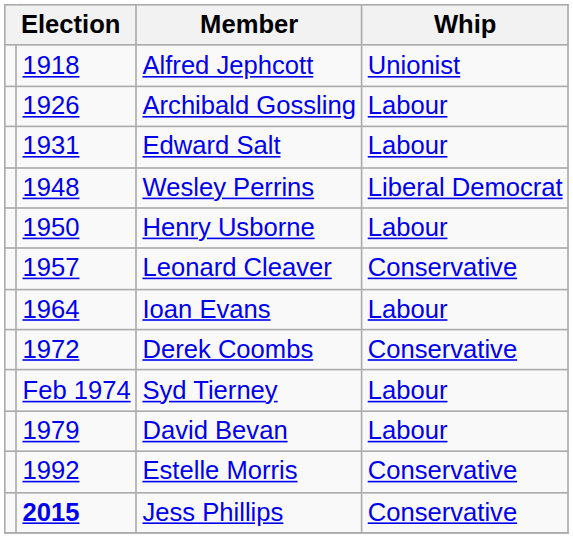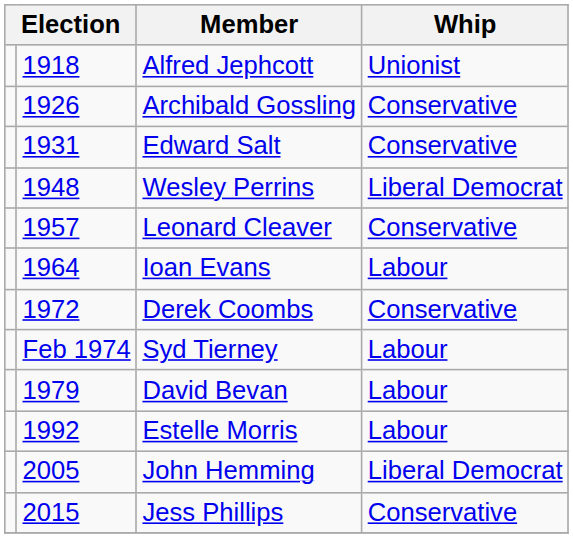 <table class="wikitable">
 <tr>
 <th colspan=2>Election</th>
 <th>Member</th>
 <th>Whip</th>
 </tr>
 <tr>
 <td style="color:inherit;background-color: "></td>
 <td><a href='#'>1918</a></td>
 <td><a href='#'>Alfred Jephcott</a></td>
 <td><a href='#'>Unionist</a></td>
 </tr>
 <tr>
 <td style="color:inherit;background-color: "></td>
 <td><a href='#'>1926</a></td>
 <td><a href='#'>Archibald Gossling</a></td>
-<td><a href='#'>Labour</a></td>
+<td><a href='#'>Conservative</a></td>
 </tr>
 <tr>
 <td style="color:inherit;background-color: "></td>
 <td><a href='#'>1931</a></td>
 <td><a href='#'>Edward Salt</a></td>
-<td><a href='#'>Labour</a></td>
+<td><a href='#'>Conservative</a></td>
 </tr>
 <tr>
 <td style="color:inherit;background-color: "></td>
 <td><a href='#'>1948</a></td>
 <td><a href='#'>Wesley Perrins</a></td>
 <td><a href='#'>Liberal Democrat</a></td>
-</tr>
-<tr>
-<td style="color:inherit;background-color: "></td>
-<td><a href='#'>1950</a></td>
-<td><a href='#'>Henry Usborne</a></td>
-<td><a href='#'>Labour</a></td>
 </tr>
 <tr>
 <td style="color:inherit;background-color: "></td>
 <td><a href='#'>1957</a></td>
 <td><a href='#'>Leonard Cleaver</a></td>
 <td><a href='#'>Conservative</a></td>
 </tr>
 <tr>
 <td style="color:inherit;background-color: "></td>
 <td><a href='#'>1964</a></td>
 <td><a href='#'>Ioan Evans</a></td>
 <td><a href='#'>Labour</a></td>
 </tr>
 <tr>
 <td style="color:inherit;background-color: "></td>
 <td><a href='#'>1972</a></td>
 <td><a href='#'>Derek Coombs</a></td>
 <td><a href='#'>Conservative</a></td>
 </tr>
 <tr>
 <td style="color:inherit;background-color: "></td>
 <td><a href='#'>Feb 1974</a></td>
 <td><a href='#'>Syd Tierney</a></td>
 <td><a href='#'>Labour</a></td>
 </tr>
 <tr>
 <td style="color:inherit;background-color: "></td>
 <td><a href='#'>1979</a></td>
 <td><a href='#'>David Bevan</a></td>
 <td><a href='#'>Labour</a></td>
 </tr>
 <tr>
 <td style="color:inherit;background-color: "></td>
 <td><a href='#'>1992</a></td>
 <td><a href='#'>Estelle Morris</a></td>
-<td><a href='#'>Conservative</a></td>
+<td><a href='#'>Labour</a></td>
 </tr>
 <tr>
 <td style="color:inherit;background-color: "></td>
-<td><strong><a href='#'>2015</a></strong></td>
+<td><a href='#'>2005</a></td>
+<td><a href='#'>John Hemming</a></td>
+<td><a href='#'>Liberal Democrat</a></td>
+</tr>
+<tr>
+<td style="color:inherit;background-color: "></td>
+<td><a href='#'>2015</a></td>
 <td><a href='#'>Jess Phillips</a></td>
 <td><a href='#'>Conservative</a></td>
 </tr>
 <tr>
 </tr>
 </table>
